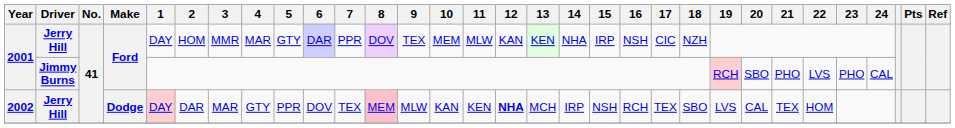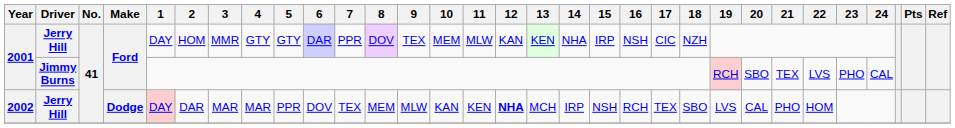 <table class="wikitable" style="text-align:center; font-size:75%">
 <tr>
 <th>Year</th>
 <th>Driver</th>
 <th>No.</th>
 <th>Make</th>
 <th>1</th>
 <th>2</th>
 <th>3</th>
 <th>4</th>
 <th>5</th>
 <th>6</th>
 <th>7</th>
 <th>8</th>
 <th>9</th>
 <th>10</th>
 <th>11</th>
 <th>12</th>
 <th>13</th>
 <th>14</th>
 <th>15</th>
 <th>16</th>
 <th>17</th>
 <th>18</th>
 <th>19</th>
 <th>20</th>
 <th>21</th>
 <th>22</th>
 <th>23</th>
 <th>24</th>
 <th></th>
 <th>Pts</th>
 <th>Ref</th>
 </tr>
 <tr>
 <th rowspan=2><a href='#'>2001</a></th>
 <th><a href='#'>Jerry Hill</a></th>
 <th rowspan=3>41</th>
 <th rowspan=2><a href='#'>Ford</a></th>
 <td><a href='#'>DAY</a></td>
 <td><a href='#'>HOM</a></td>
 <td><a href='#'>MMR</a></td>
-<td><a href='#'>MAR</a></td>
+<td><a href='#'>GTY</a></td>
 <td><a href='#'>GTY</a></td>
 <td style="background:#CFCFFF;"><a href='#'>DAR</a><br></td>
 <td><a href='#'>PPR</a></td>
 <td style="background:#EFCFFF;"><a href='#'>DOV</a><br></td>
 <td><a href='#'>TEX</a></td>
 <td><a href='#'>MEM</a></td>
 <td><a href='#'>MLW</a></td>
 <td><a href='#'>KAN</a></td>
 <td style="background:#DFFFDF;"><a href='#'>KEN</a><br></td>
 <td><a href='#'>NHA</a></td>
 <td><a href='#'>IRP</a></td>
 <td><a href='#'>NSH</a></td>
 <td><a href='#'>CIC</a></td>
 <td><a href='#'>NZH</a></td>
 <td colspan=6></td>
 <th rowspan=2></th>
 <th rowspan=2></th>
 <th rowspan=2></th>
 </tr>
 <tr>
 <th><a href='#'>Jimmy Burns</a></th>
 <td colspan=18></td>
 <td style="background:#FFCFCF;"><a href='#'>RCH</a><br></td>
 <td><a href='#'>SBO</a></td>
-<td><a href='#'>PHO</a></td>
+<td><a href='#'>TEX</a></td>
 <td><a href='#'>LVS</a></td>
 <td><a href='#'>PHO</a></td>
 <td><a href='#'>CAL</a></td>
 </tr>
 <tr>
 <th><a href='#'>2002</a></th>
 <th><a href='#'>Jerry Hill</a></th>
 <th><a href='#'>Dodge</a></th>
 <td style="background:#FFCFCF;"><a href='#'>DAY</a><br></td>
 <td><a href='#'>DAR</a></td>
 <td><a href='#'>MAR</a></td>
-<td><a href='#'>GTY</a></td>
+<td><a href='#'>MAR</a></td>
 <td><a href='#'>PPR</a></td>
 <td><a href='#'>DOV</a></td>
 <td><a href='#'>TEX</a></td>
-<td style="background: pink;"><a href='#'>MEM</a></td>
+<td><a href='#'>MEM</a></td>
 <td><a href='#'>MLW</a></td>
 <td><a href='#'>KAN</a></td>
 <td><a href='#'>KEN</a></td>
 <td><strong><a href='#'>NHA</a></strong></td>
 <td><a href='#'>MCH</a></td>
 <td><a href='#'>IRP</a></td>
 <td><a href='#'>NSH</a></td>
 <td><a href='#'>RCH</a></td>
 <td><a href='#'>TEX</a></td>
 <td><a href='#'>SBO</a></td>
 <td><a href='#'>LVS</a></td>
 <td><a href='#'>CAL</a></td>
-<td><a href='#'>TEX</a></td>
+<td><a href='#'>PHO</a></td>
 <td><a href='#'>HOM</a></td>
 <td colspan=2></td>
 <th></th>
 <th></th>
 <th></th>
 </tr>
 <tr>
 </tr>
 </table>
